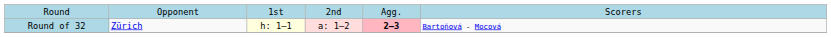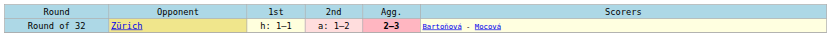 <table class="wikitable" style="text-align:center">
 <tr bgcolor=lightblue>
 <td width=150px>Round</td>
 <td width=200px>Opponent</td>
 <td width=80px>1st</td>
 <td width=80px>2nd</td>
 <td width=80px>Agg.</td>
 <td width=600px>Scorers</td>
 </tr>
 <tr>
 <td bgcolor=lightblue>Round of 32</td>
-<td align=left> <a href='#'>Zürich</a></td>
+<td align=left style="background: khaki;"> <a href='#'>Zürich</a></td>
 <td bgcolor="#ffffdd">h: 1–1</td>
 <td bgcolor="#ffdddd">a: 1–2</td>
 <td bgcolor=lightpink><strong>2–3</strong></td>
-<td align=left><small><a href='#'>Bartoňová</a> - <a href='#'>Mocová</a></small></td>
+<td align=left style="background: lightyellow;"><small><a href='#'>Bartoňová</a> - <a href='#'>Mocová</a></small></td>
 </tr>
 <tr>
 </tr>
 </table>
